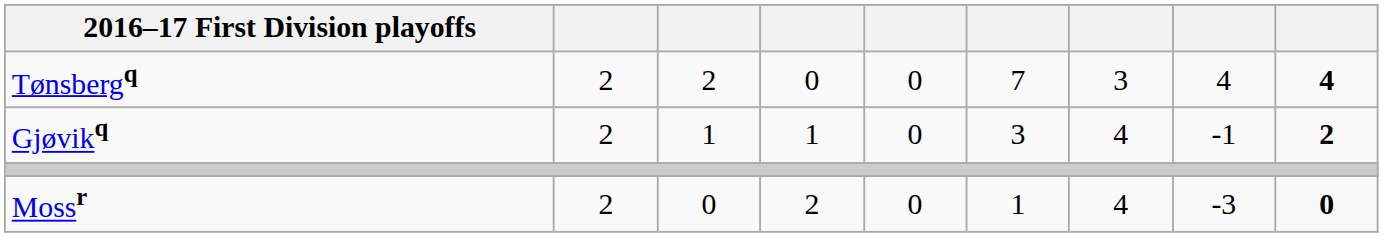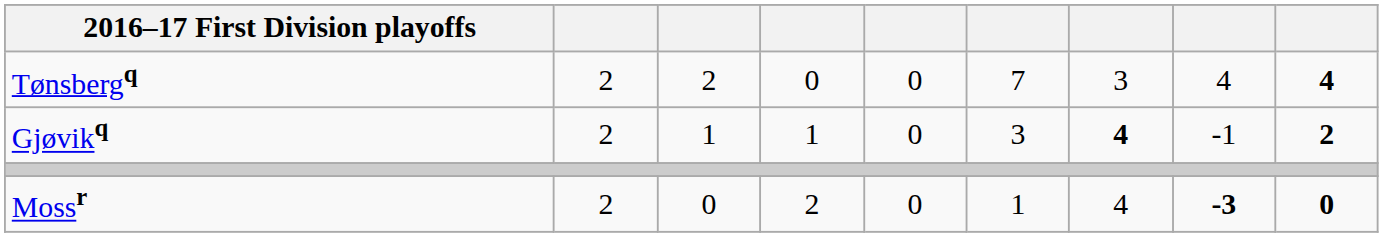 <table class="wikitable">
 <tr>
 <th style="width:18em;">2016–17 First Division playoffs</th>
 <th style="width:3em;"></th>
 <th style="width:3em;"></th>
 <th style="width:3em;"></th>
 <th style="width:3em;"></th>
 <th style="width:3em;"></th>
 <th style="width:3em;"></th>
 <th style="width:3em;"></th>
 <th style="width:3em;"></th>
 </tr>
 <tr align=center>
 <td align=left><a href='#'>Tønsberg</a><sup><strong>q</strong></sup></td>
 <td>2</td>
 <td>2</td>
 <td>0</td>
 <td>0</td>
 <td>7</td>
 <td>3</td>
 <td>4</td>
 <td><strong>4</strong></td>
 </tr>
 <tr align=center>
 <td align=left><a href='#'>Gjøvik</a><sup><strong>q</strong></sup></td>
 <td>2</td>
 <td>1</td>
 <td>1</td>
 <td>0</td>
 <td>3</td>
-<td>4</td>
+<td><strong>4</strong></td>
 <td>-1</td>
 <td><strong>2</strong></td>
 </tr>
 <tr bgcolor="#cccccc" class="unsortable">
 <td colspan=10></td>
 </tr>
 <tr align=center>
 <td align=left><a href='#'>Moss</a><sup><strong>r</strong></sup></td>
 <td>2</td>
 <td>0</td>
 <td>2</td>
 <td>0</td>
 <td>1</td>
 <td>4</td>
-<td>-3</td>
+<td><strong>-3</strong></td>
 <td><strong>0</strong></td>
 </tr>
 </table>
